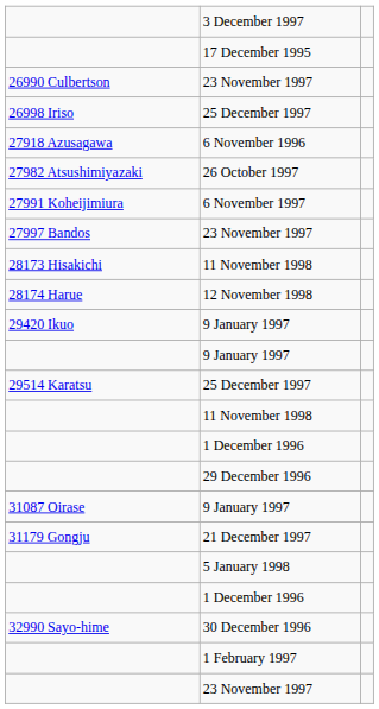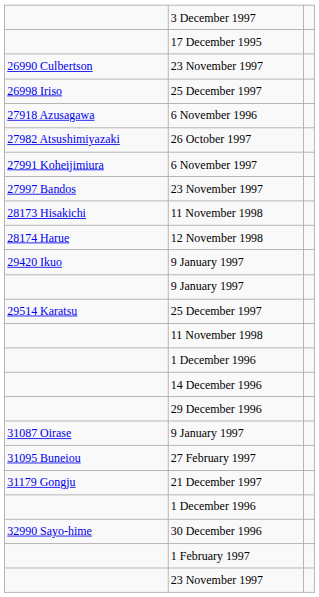 <table class="wikitable" style="font-size: 89%; float: left; width: 26em; margin-right: 1em; height: 700px;">
 <tr>
 <td></td>
 <td>3 December 1997</td>
 <td></td>
 </tr>
 <tr>
 <td></td>
 <td>17 December 1995</td>
 <td> </td>
 </tr>
 <tr>
 <td><a href='#'>26990 Culbertson</a></td>
 <td>23 November 1997</td>
 <td></td>
 </tr>
 <tr>
 <td><a href='#'>26998 Iriso</a></td>
 <td>25 December 1997</td>
 <td></td>
 </tr>
 <tr>
 <td><a href='#'>27918 Azusagawa</a></td>
 <td>6 November 1996</td>
 <td></td>
 </tr>
 <tr>
 <td><a href='#'>27982 Atsushimiyazaki</a></td>
 <td>26 October 1997</td>
 <td></td>
 </tr>
 <tr>
 <td><a href='#'>27991 Koheijimiura</a></td>
 <td>6 November 1997</td>
 <td></td>
 </tr>
 <tr>
 <td><a href='#'>27997 Bandos</a></td>
 <td>23 November 1997</td>
 <td></td>
 </tr>
 <tr>
 <td><a href='#'>28173 Hisakichi</a></td>
 <td>11 November 1998</td>
 <td></td>
 </tr>
 <tr>
 <td><a href='#'>28174 Harue</a></td>
 <td>12 November 1998</td>
 <td></td>
 </tr>
 <tr>
 <td><a href='#'>29420 Ikuo</a></td>
 <td>9 January 1997</td>
 <td></td>
 </tr>
 <tr>
 <td></td>
 <td>9 January 1997</td>
 <td></td>
 </tr>
 <tr>
 <td><a href='#'>29514 Karatsu</a></td>
 <td>25 December 1997</td>
 <td></td>
 </tr>
 <tr>
 <td></td>
 <td>11 November 1998</td>
 <td></td>
 </tr>
 <tr>
 <td></td>
 <td>1 December 1996</td>
 <td></td>
 </tr>
 <tr>
 <td></td>
+<td>14 December 1996</td>
+<td></td>
+</tr>
+<tr>
+<td></td>
 <td>29 December 1996</td>
 <td></td>
 </tr>
 <tr>
 <td><a href='#'>31087 Oirase</a></td>
 <td>9 January 1997</td>
 <td></td>
 </tr>
 <tr>
-<td><a href='#'>31179 Gongju</a></td>
-<td>21 December 1997</td>
+<td><a href='#'>31095 Buneiou</a></td>
+<td>27 February 1997</td>
 <td></td>
 </tr>
 <tr>
-<td></td>
-<td>5 January 1998</td>
+<td><a href='#'>31179 Gongju</a></td>
+<td>21 December 1997</td>
 <td></td>
 </tr>
 <tr>
 <td></td>
 <td>1 December 1996</td>
 <td></td>
 </tr>
 <tr>
 <td><a href='#'>32990 Sayo-hime</a></td>
 <td>30 December 1996</td>
 <td></td>
 </tr>
 <tr>
 <td></td>
 <td>1 February 1997</td>
 <td></td>
 </tr>
 <tr>
 <td></td>
 <td>23 November 1997</td>
 <td></td>
 </tr>
 </table>
